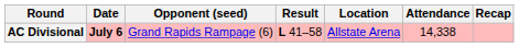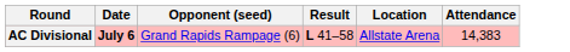 <table class="wikitable" style="text-align:center">
 <tr>
 <th>Round</th>
 <th>Date</th>
 <th>Opponent (seed)</th>
 <th>Result</th>
 <th>Location</th>
 <th>Attendance</th>
-<th>Recap</th>
 </tr>
 <tr bgcolor="ffbbbb">
 <th>AC Divisional</th>
 <td><strong>July 6</strong></td>
 <td><a href='#'>Grand Rapids Rampage</a> (6)</td>
 <td><strong>L</strong> 41–58</td>
 <td><a href='#'>Allstate Arena</a></td>
-<td>14,338</td>
-<td></td>
+<td>14,383</td>
 </tr>
 </table>
